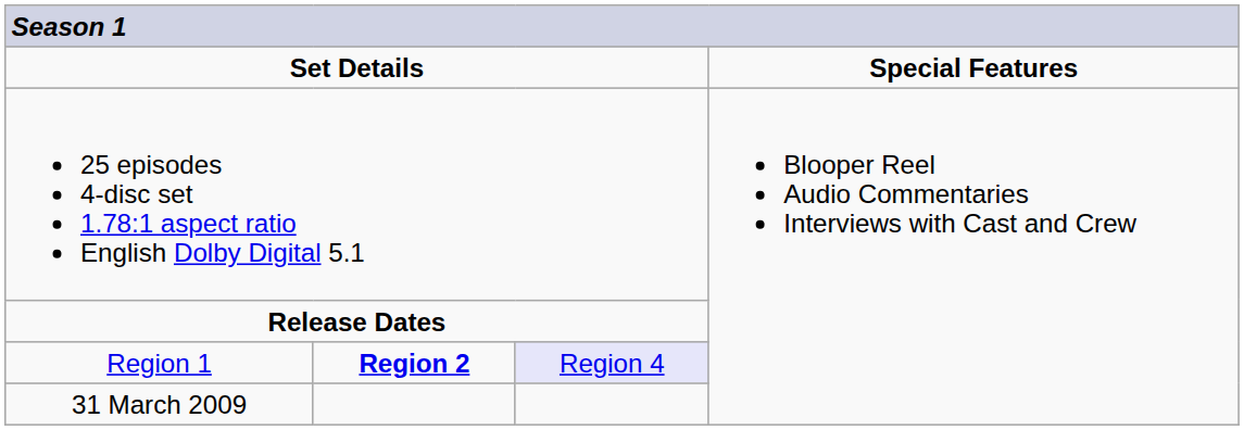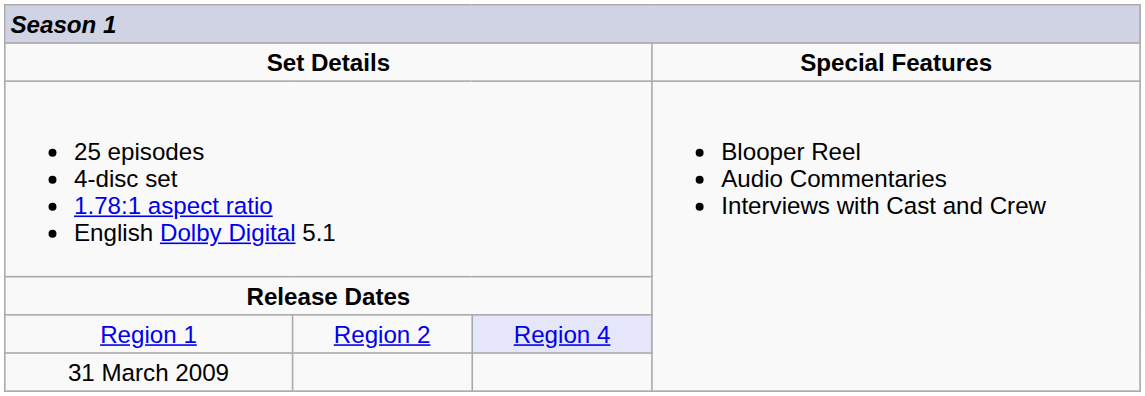 <table class="wikitable" style="font-size: 95%;">
 <tr>
 <td colspan="5" style="background-color: #d0d3e4;"><strong><em>Season 1</em></strong></td>
 </tr>
 <tr valign="top">
 <td align="center" width="400" colspan="3"><strong>Set Details</strong></td>
 <td width="300" align="center"><strong>Special Features</strong></td>
 </tr>
 <tr valign="top">
 <td colspan="3" align="left" width="400"><br><ul><li>25 episodes</li><li>4-disc set</li><li><a href='#'>1.78:1 aspect ratio</a></li><li>English <a href='#'>Dolby Digital</a> 5.1</li></ul></td>
 <td rowspan="4" align="left" width="300"><br><ul><li>Blooper Reel</li><li>Audio Commentaries</li><li>Interviews with Cast and Crew</li></ul></td>
 </tr>
 <tr>
 <td colspan="3" align="center"><strong>Release Dates</strong></td>
 </tr>
 <tr>
 <td align="center"><a href='#'>Region 1</a></td>
-<td align="center"><strong><a href='#'>Region 2</a></strong></td>
+<td align="center"><a href='#'>Region 2</a></td>
 <td align="center" style="background: lavender;"><a href='#'>Region 4</a></td>
 </tr>
 <tr>
 <td align="center">31 March 2009</td>
 <td align="center"></td>
 <td align="center"></td>
 </tr>
 </table>
